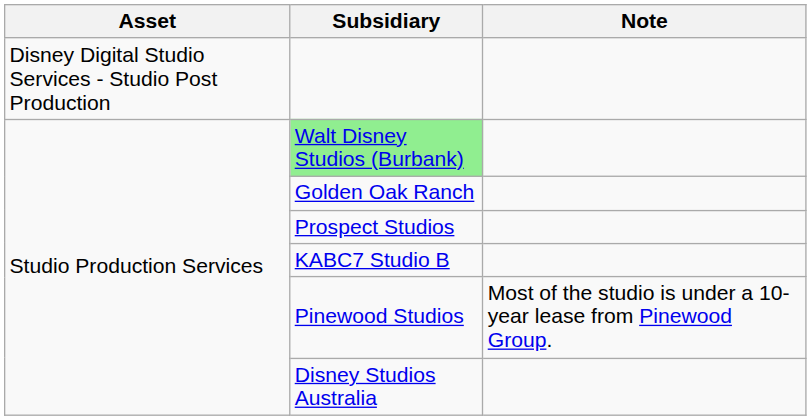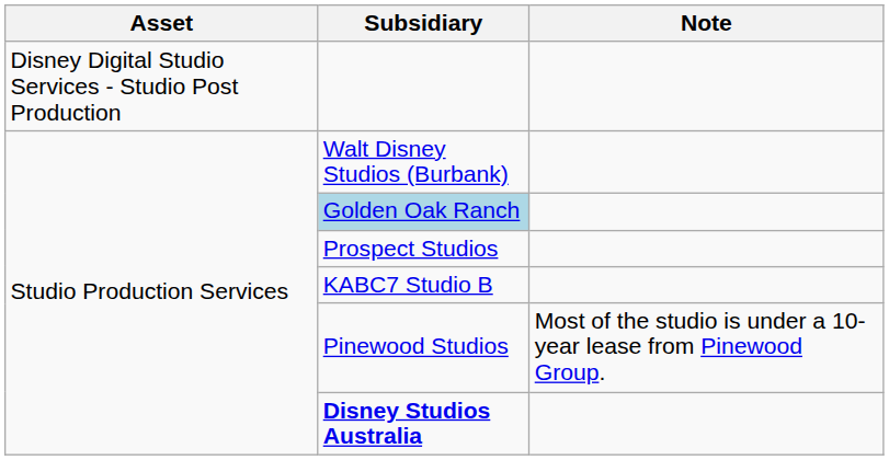 <table class="wikitable">
 <tr>
 <th>Asset</th>
 <th>Subsidiary</th>
 <th>Note</th>
 </tr>
 <tr>
 <td>Disney Digital Studio Services - Studio Post Production</td>
 <td></td>
 <td></td>
 </tr>
 <tr>
 <td rowspan="6">Studio Production Services</td>
-<td style="background: lightgreen;"><a href='#'>Walt Disney Studios (Burbank)</a></td>
+<td><a href='#'>Walt Disney Studios (Burbank)</a></td>
 <td></td>
 </tr>
 <tr>
-<td><a href='#'>Golden Oak Ranch</a></td>
+<td style="background: lightblue;"><a href='#'>Golden Oak Ranch</a></td>
 <td></td>
 </tr>
 <tr>
 <td><a href='#'>Prospect Studios</a></td>
 <td></td>
 </tr>
 <tr>
 <td><a href='#'>KABC7 Studio B</a></td>
 <td></td>
 </tr>
 <tr>
 <td><a href='#'>Pinewood Studios</a></td>
 <td>Most of the studio is under a 10-year lease from <a href='#'>Pinewood Group</a>.</td>
 </tr>
 <tr>
-<td><a href='#'>Disney Studios Australia</a></td>
+<td><strong><a href='#'>Disney Studios Australia</a></strong></td>
 <td></td>
 </tr>
 </table>
